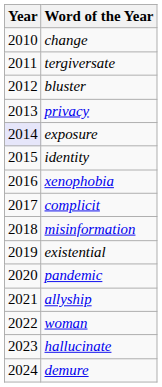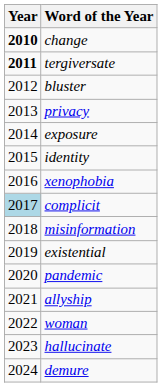 <table class="wikitable">
 <tr>
 <th>Year</th>
 <th>Word of the Year</th>
 </tr>
 <tr>
-<td>2010</td>
+<td><strong>2010</strong></td>
 <td><em>change</em></td>
 </tr>
 <tr>
-<td>2011</td>
+<td><strong>2011</strong></td>
 <td><em>tergiversate</em></td>
 </tr>
 <tr>
 <td>2012</td>
 <td><em>bluster</em></td>
 </tr>
 <tr>
 <td>2013</td>
 <td><em><a href='#'>privacy</a></em></td>
 </tr>
 <tr>
-<td style="background: lavender;">2014</td>
+<td>2014</td>
 <td><em>exposure</em></td>
 </tr>
 <tr>
 <td>2015</td>
 <td><em>identity</em></td>
 </tr>
 <tr>
 <td>2016</td>
 <td><em><a href='#'>xenophobia</a></em></td>
 </tr>
 <tr>
-<td>2017</td>
+<td style="background: lightblue;">2017</td>
 <td><em><a href='#'>complicit</a></em></td>
 </tr>
 <tr>
 <td>2018</td>
 <td><em><a href='#'>misinformation</a></em></td>
 </tr>
 <tr>
 <td>2019</td>
 <td><em>existential</em></td>
 </tr>
 <tr>
 <td>2020</td>
 <td><em><a href='#'>pandemic</a></em></td>
 </tr>
 <tr>
 <td>2021</td>
 <td><em><a href='#'>allyship</a></em></td>
 </tr>
 <tr>
 <td>2022</td>
 <td><em><a href='#'>woman</a></em></td>
 </tr>
 <tr>
 <td>2023</td>
 <td><a href='#'><em>hallucinate</em></a></td>
 </tr>
 <tr>
 <td>2024</td>
 <td><em><a href='#'>demure</a></em></td>
 </tr>
 </table>
